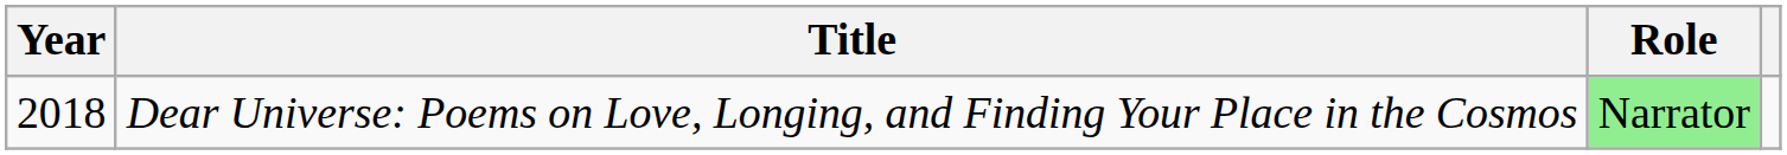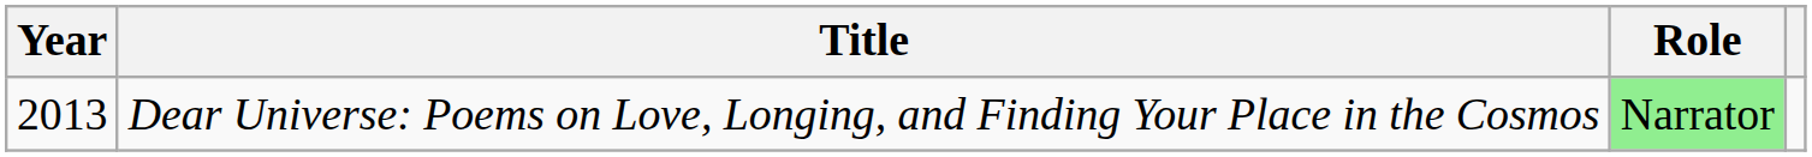 <table class="wikitable">
 <tr>
 <th>Year</th>
 <th>Title</th>
 <th>Role</th>
 <th></th>
 </tr>
 <tr>
-<td>2018</td>
+<td>2013</td>
 <td><em>Dear Universe: Poems on Love, Longing, and Finding Your Place in the Cosmos</em></td>
 <td style="background: lightgreen;">Narrator</td>
 <td style="text-align:center;"></td>
 </tr>
 </table>
